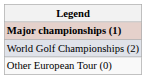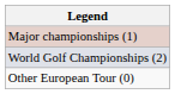 <table class="wikitable" style="font-size:95%;">
 <tr>
 <th>Legend</th>
 </tr>
 <tr style="background:#e5d1cb;">
-<td><strong>Major championships (1)</strong></td>
+<td>Major championships (1)</td>
 </tr>
 <tr style="background:#dfe2e9;">
 <td>World Golf Championships (2)</td>
 </tr>
 <tr>
 <td>Other European Tour (0)</td>
 </tr>
 </table>
